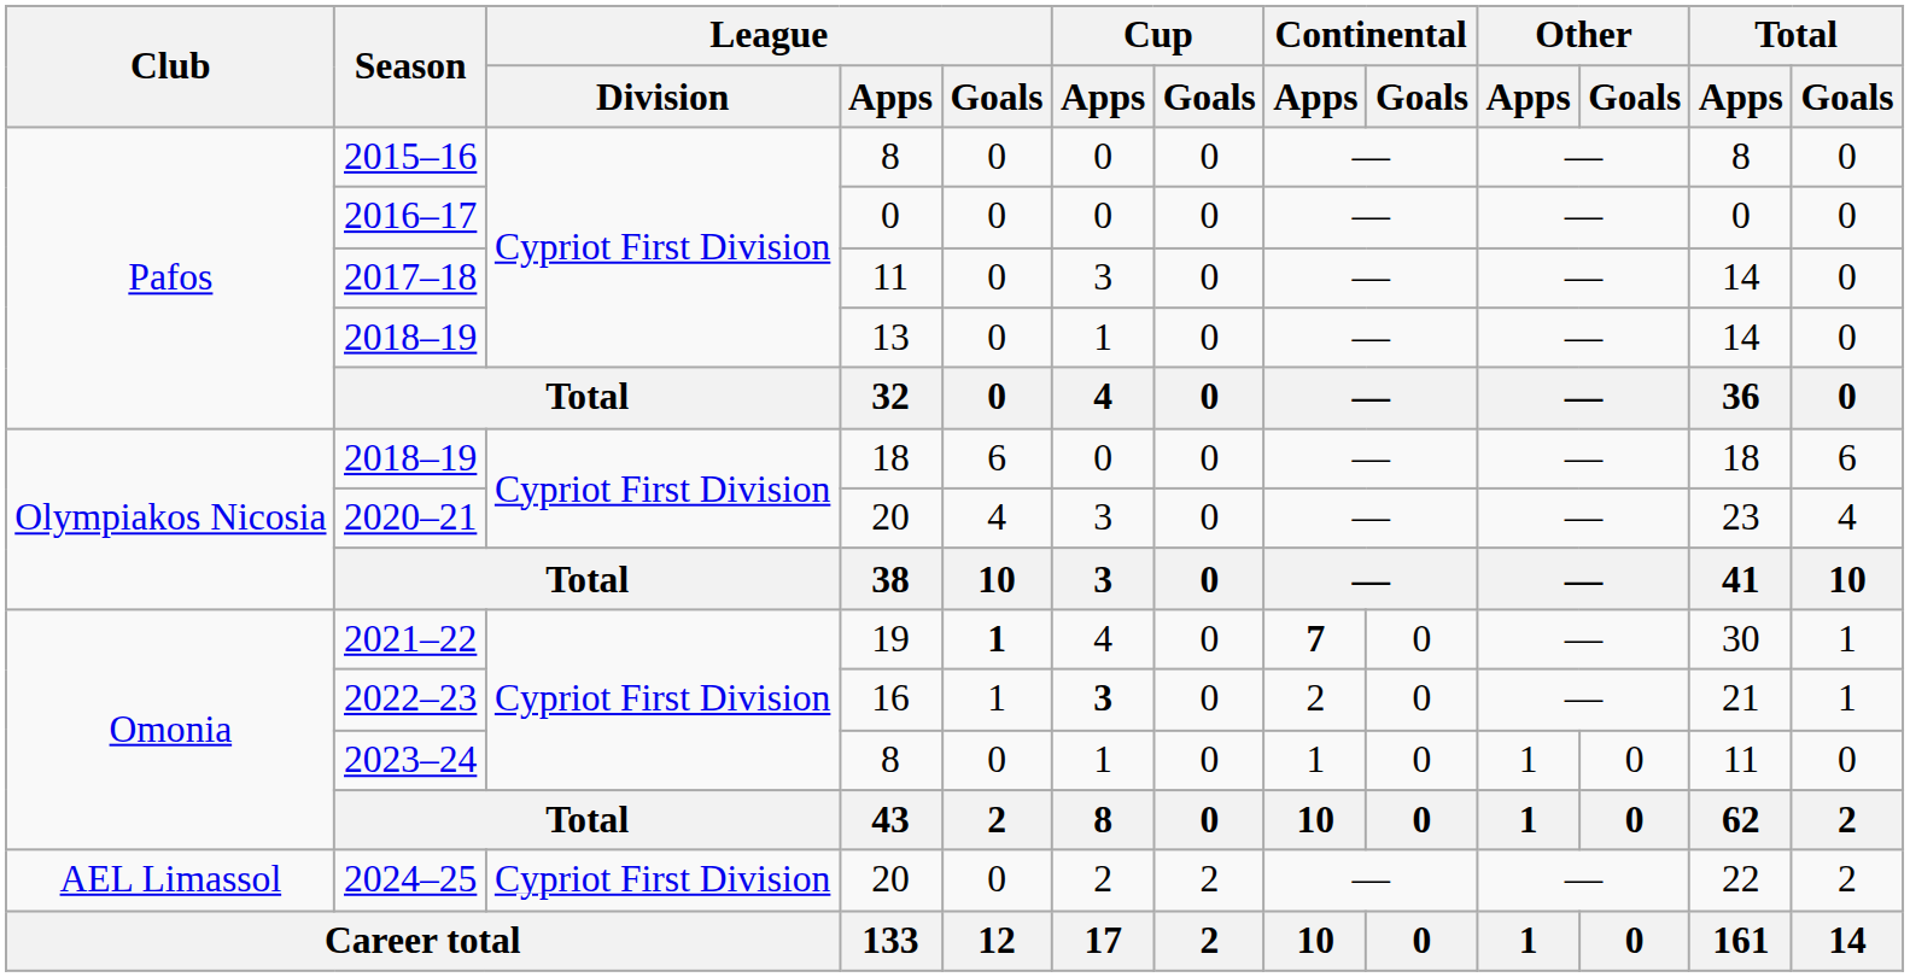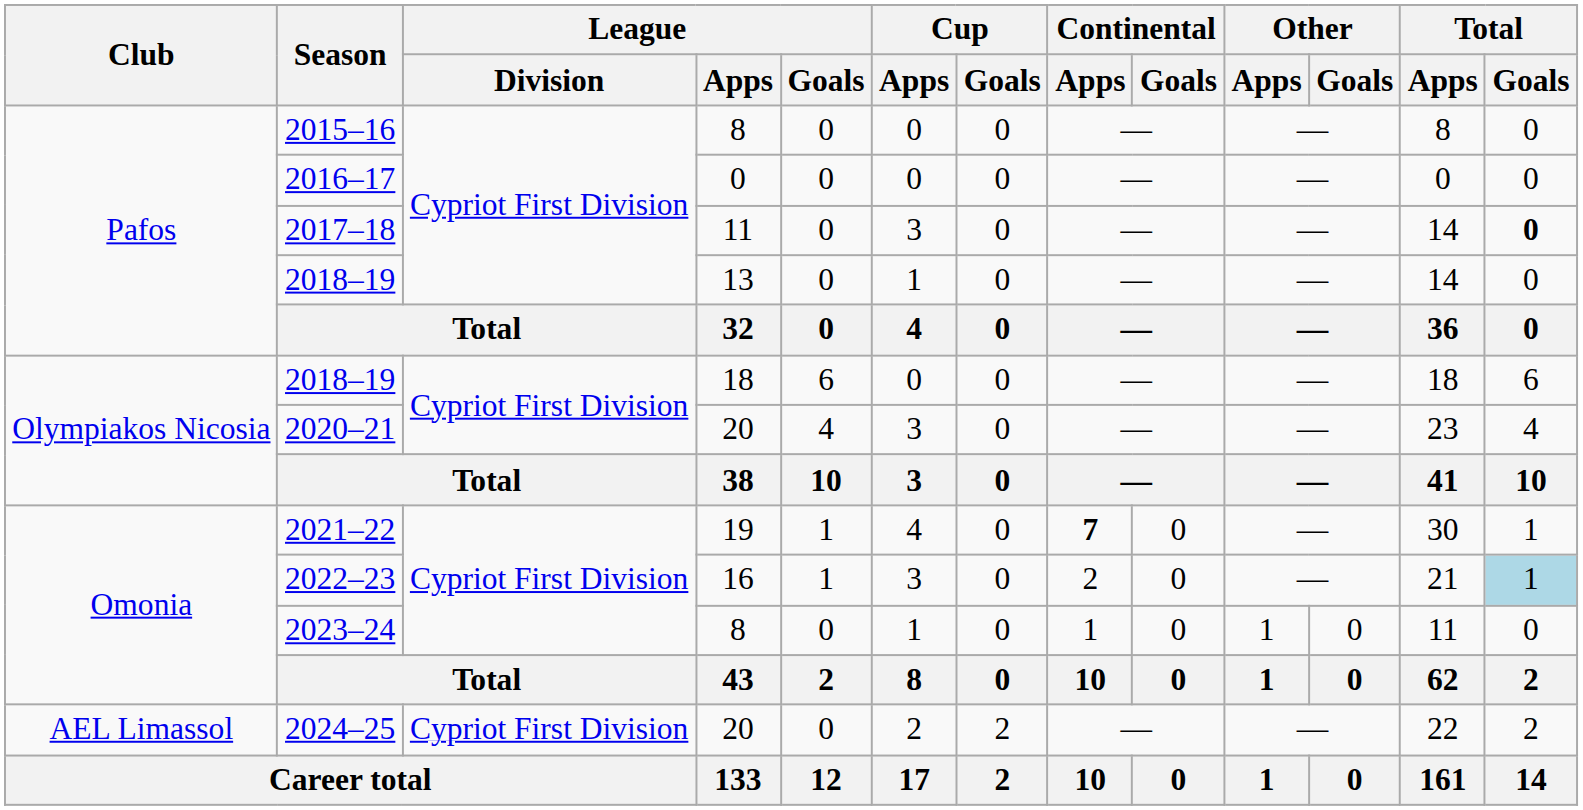 <table class="wikitable" style="text-align:center">
 <tr>
 <th rowspan=2>Club</th>
 <th rowspan=2>Season</th>
 <th colspan=3>League</th>
 <th colspan=2>Cup</th>
 <th colspan=2>Continental</th>
 <th colspan=2>Other</th>
 <th colspan=2>Total</th>
 </tr>
 <tr>
 <th>Division</th>
 <th>Apps</th>
 <th>Goals</th>
 <th>Apps</th>
 <th>Goals</th>
 <th>Apps</th>
 <th>Goals</th>
 <th>Apps</th>
 <th>Goals</th>
 <th>Apps</th>
 <th>Goals</th>
 </tr>
 <tr>
 <td rowspan="5"><a href='#'>Pafos</a></td>
 <td><a href='#'>2015–16</a></td>
 <td rowspan="4"><a href='#'>Cypriot First Division</a></td>
 <td>8</td>
 <td>0</td>
 <td>0</td>
 <td>0</td>
 <td colspan="2">—</td>
 <td colspan="2">—</td>
 <td>8</td>
 <td>0</td>
 </tr>
 <tr>
 <td><a href='#'>2016–17</a></td>
 <td>0</td>
 <td>0</td>
 <td>0</td>
 <td>0</td>
 <td colspan="2">—</td>
 <td colspan="2">—</td>
 <td>0</td>
 <td>0</td>
 </tr>
 <tr>
 <td><a href='#'>2017–18</a></td>
 <td>11</td>
 <td>0</td>
 <td>3</td>
 <td>0</td>
 <td colspan="2">—</td>
 <td colspan="2">—</td>
 <td>14</td>
-<td>0</td>
+<td><strong>0</strong></td>
 </tr>
 <tr>
 <td><a href='#'>2018–19</a></td>
 <td>13</td>
 <td>0</td>
 <td>1</td>
 <td>0</td>
 <td colspan="2">—</td>
 <td colspan="2">—</td>
 <td>14</td>
 <td>0</td>
 </tr>
 <tr>
 <th colspan="2">Total</th>
 <th>32</th>
 <th>0</th>
 <th>4</th>
 <th>0</th>
 <th colspan="2">—</th>
 <th colspan="2">—</th>
 <th>36</th>
 <th>0</th>
 </tr>
 <tr>
 <td rowspan="3"><a href='#'>Olympiakos Nicosia</a></td>
 <td><a href='#'>2018–19</a></td>
 <td rowspan="2"><a href='#'>Cypriot First Division</a></td>
 <td>18</td>
 <td>6</td>
 <td>0</td>
 <td>0</td>
 <td colspan=2>—</td>
 <td colspan=2>—</td>
 <td>18</td>
 <td>6</td>
 </tr>
 <tr>
 <td><a href='#'>2020–21</a></td>
 <td>20</td>
 <td>4</td>
 <td>3</td>
 <td>0</td>
 <td colspan=2>—</td>
 <td colspan=2>—</td>
 <td>23</td>
 <td>4</td>
 </tr>
 <tr>
 <th colspan="2">Total</th>
 <th>38</th>
 <th>10</th>
 <th>3</th>
 <th>0</th>
 <th colspan="2">—</th>
 <th colspan="2">—</th>
 <th>41</th>
 <th>10</th>
 </tr>
 <tr>
 <td rowspan="4"><a href='#'>Omonia</a></td>
 <td><a href='#'>2021–22</a></td>
 <td rowspan="3"><a href='#'>Cypriot First Division</a></td>
 <td>19</td>
-<td><strong>1</strong></td>
+<td>1</td>
 <td>4</td>
 <td>0</td>
 <td><strong>7</strong></td>
 <td>0</td>
 <td colspan=2>—</td>
 <td>30</td>
 <td>1</td>
 </tr>
 <tr>
 <td><a href='#'>2022–23</a></td>
 <td>16</td>
 <td>1</td>
-<td><strong>3</strong></td>
+<td>3</td>
 <td>0</td>
 <td>2</td>
 <td>0</td>
 <td colspan=2>—</td>
 <td>21</td>
-<td>1</td>
+<td style="background: lightblue;">1</td>
 </tr>
 <tr>
 <td><a href='#'>2023–24</a></td>
 <td>8</td>
 <td>0</td>
 <td>1</td>
 <td>0</td>
 <td>1</td>
 <td>0</td>
 <td>1</td>
 <td>0</td>
 <td>11</td>
 <td>0</td>
 </tr>
 <tr>
 <th colspan="2">Total</th>
 <th>43</th>
 <th>2</th>
 <th>8</th>
 <th>0</th>
 <th>10</th>
 <th>0</th>
 <th>1</th>
 <th>0</th>
 <th>62</th>
 <th>2</th>
 </tr>
 <tr>
 <td><a href='#'>AEL Limassol</a></td>
 <td><a href='#'>2024–25</a></td>
 <td><a href='#'>Cypriot First Division</a></td>
 <td>20</td>
 <td>0</td>
 <td>2</td>
 <td>2</td>
 <td colspan=2>—</td>
 <td colspan=2>—</td>
 <td>22</td>
 <td>2</td>
 </tr>
 <tr>
 <th colspan="3">Career total</th>
 <th>133</th>
 <th>12</th>
 <th>17</th>
 <th>2</th>
 <th>10</th>
 <th>0</th>
 <th>1</th>
 <th>0</th>
 <th>161</th>
 <th>14</th>
 </tr>
 </table>
